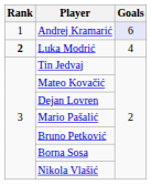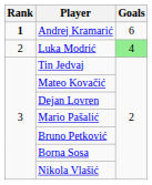 <table class="wikitable" style="text-align: left;">
 <tr>
 <th>Rank</th>
 <th>Player</th>
 <th>Goals</th>
 </tr>
 <tr>
-<td align=center>1</td>
+<td align=center><strong>1</strong></td>
 <td><a href='#'>Andrej Kramarić</a></td>
-<td align="center" style="background: lavender;">6</td>
+<td align="center">6</td>
 </tr>
 <tr>
-<td align=center><strong>2</strong></td>
+<td align=center>2</td>
 <td><a href='#'>Luka Modrić</a></td>
-<td align="center">4</td>
+<td align="center" style="background: lightgreen;">4</td>
 </tr>
 <tr>
 <td rowspan=7 align=center>3</td>
 <td><a href='#'>Tin Jedvaj</a></td>
 <td rowspan="7"  align="center">2</td>
 </tr>
 <tr>
 <td><a href='#'>Mateo Kovačić</a></td>
 </tr>
 <tr>
 <td><a href='#'>Dejan Lovren</a></td>
 </tr>
 <tr>
 <td><a href='#'>Mario Pašalić</a></td>
 </tr>
 <tr>
 <td><a href='#'>Bruno Petković</a></td>
 </tr>
 <tr>
 <td><a href='#'>Borna Sosa</a></td>
 </tr>
 <tr>
 <td><a href='#'>Nikola Vlašić</a></td>
 </tr>
 </table>
